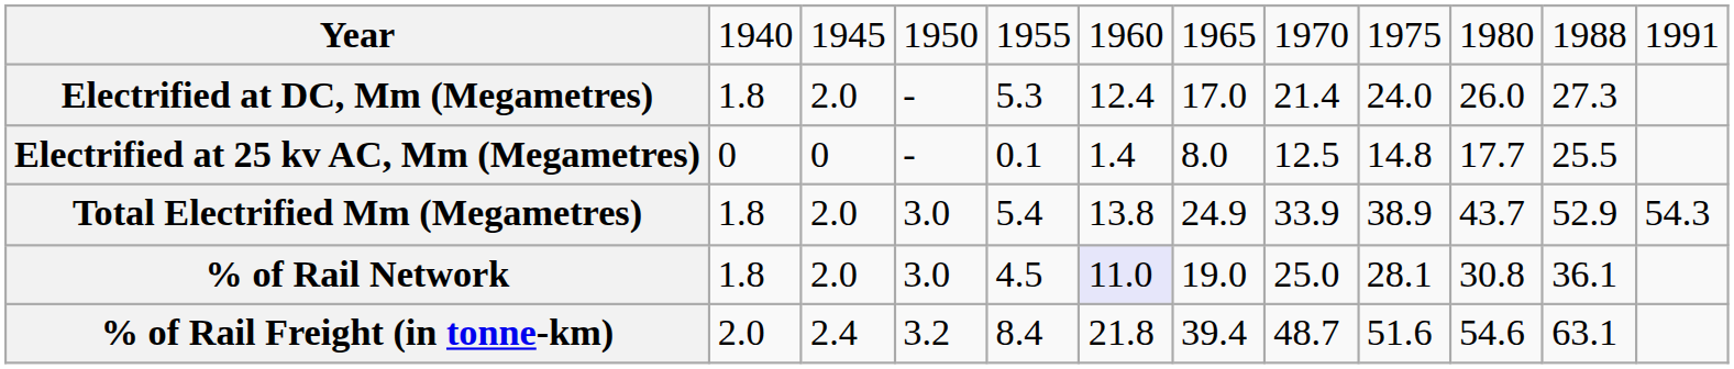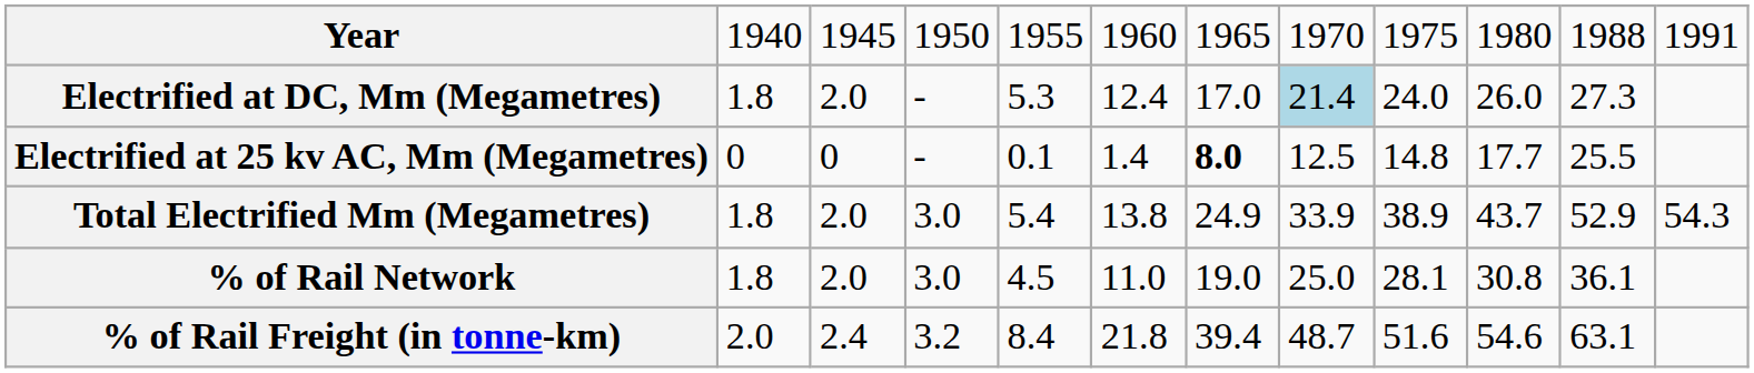 <table border="1" class=wikitable>
 <tr>
 <th>Year</th>
 <td>1940</td>
 <td>1945</td>
 <td>1950</td>
 <td>1955</td>
 <td>1960</td>
 <td>1965</td>
 <td>1970</td>
 <td>1975</td>
 <td>1980</td>
 <td>1988</td>
 <td>1991</td>
 </tr>
 <tr>
 <th>Electrified at DC, Mm (Megametres)</th>
 <td>1.8</td>
 <td>2.0</td>
 <td>-</td>
 <td>5.3</td>
 <td>12.4</td>
 <td>17.0</td>
-<td>21.4</td>
+<td style="background: lightblue;">21.4</td>
 <td>24.0</td>
 <td>26.0</td>
 <td>27.3</td>
 <td></td>
 </tr>
 <tr>
 <th>Electrified at 25 kv AC, Mm (Megametres)</th>
 <td>0</td>
 <td>0</td>
 <td>-</td>
 <td>0.1</td>
 <td>1.4</td>
-<td>8.0</td>
+<td><strong>8.0</strong></td>
 <td>12.5</td>
 <td>14.8</td>
 <td>17.7</td>
 <td>25.5</td>
 <td></td>
 </tr>
 <tr>
 <th>Total Electrified Mm (Megametres)</th>
 <td>1.8</td>
 <td>2.0</td>
 <td>3.0</td>
 <td>5.4</td>
 <td>13.8</td>
 <td>24.9</td>
 <td>33.9</td>
 <td>38.9</td>
 <td>43.7</td>
 <td>52.9</td>
 <td>54.3</td>
 </tr>
 <tr>
 <th>% of Rail Network</th>
 <td>1.8</td>
 <td>2.0</td>
 <td>3.0</td>
 <td>4.5</td>
-<td style="background: lavender;">11.0</td>
+<td>11.0</td>
 <td>19.0</td>
 <td>25.0</td>
 <td>28.1</td>
 <td>30.8</td>
 <td>36.1</td>
 <td></td>
 </tr>
 <tr>
 <th>% of Rail Freight (in <a href='#'>tonne</a>-km)</th>
 <td>2.0</td>
 <td>2.4</td>
 <td>3.2</td>
 <td>8.4</td>
 <td>21.8</td>
 <td>39.4</td>
 <td>48.7</td>
 <td>51.6</td>
 <td>54.6</td>
 <td>63.1</td>
 <td></td>
 </tr>
 </table>
